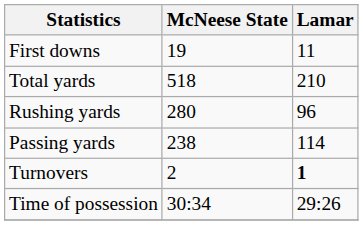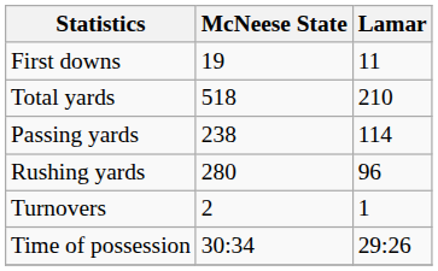 <table class="wikitable">
 <tr>
 <th>Statistics</th>
 <th>McNeese State</th>
 <th>Lamar</th>
 </tr>
 <tr>
 <td>First downs</td>
 <td>19</td>
 <td>11</td>
 </tr>
 <tr>
 <td>Total yards</td>
 <td>518</td>
 <td>210</td>
 </tr>
 <tr>
+<td>Passing yards</td>
+<td>238</td>
+<td>114</td>
+</tr>
+<tr>
 <td>Rushing yards</td>
 <td>280</td>
 <td>96</td>
 </tr>
 <tr>
-<td>Passing yards</td>
-<td>238</td>
-<td>114</td>
-</tr>
-<tr>
 <td>Turnovers</td>
 <td>2</td>
-<td><strong>1</strong></td>
+<td>1</td>
 </tr>
 <tr>
 <td>Time of possession</td>
 <td>30:34</td>
 <td>29:26</td>
 </tr>
 <tr>
 </tr>
 </table>
